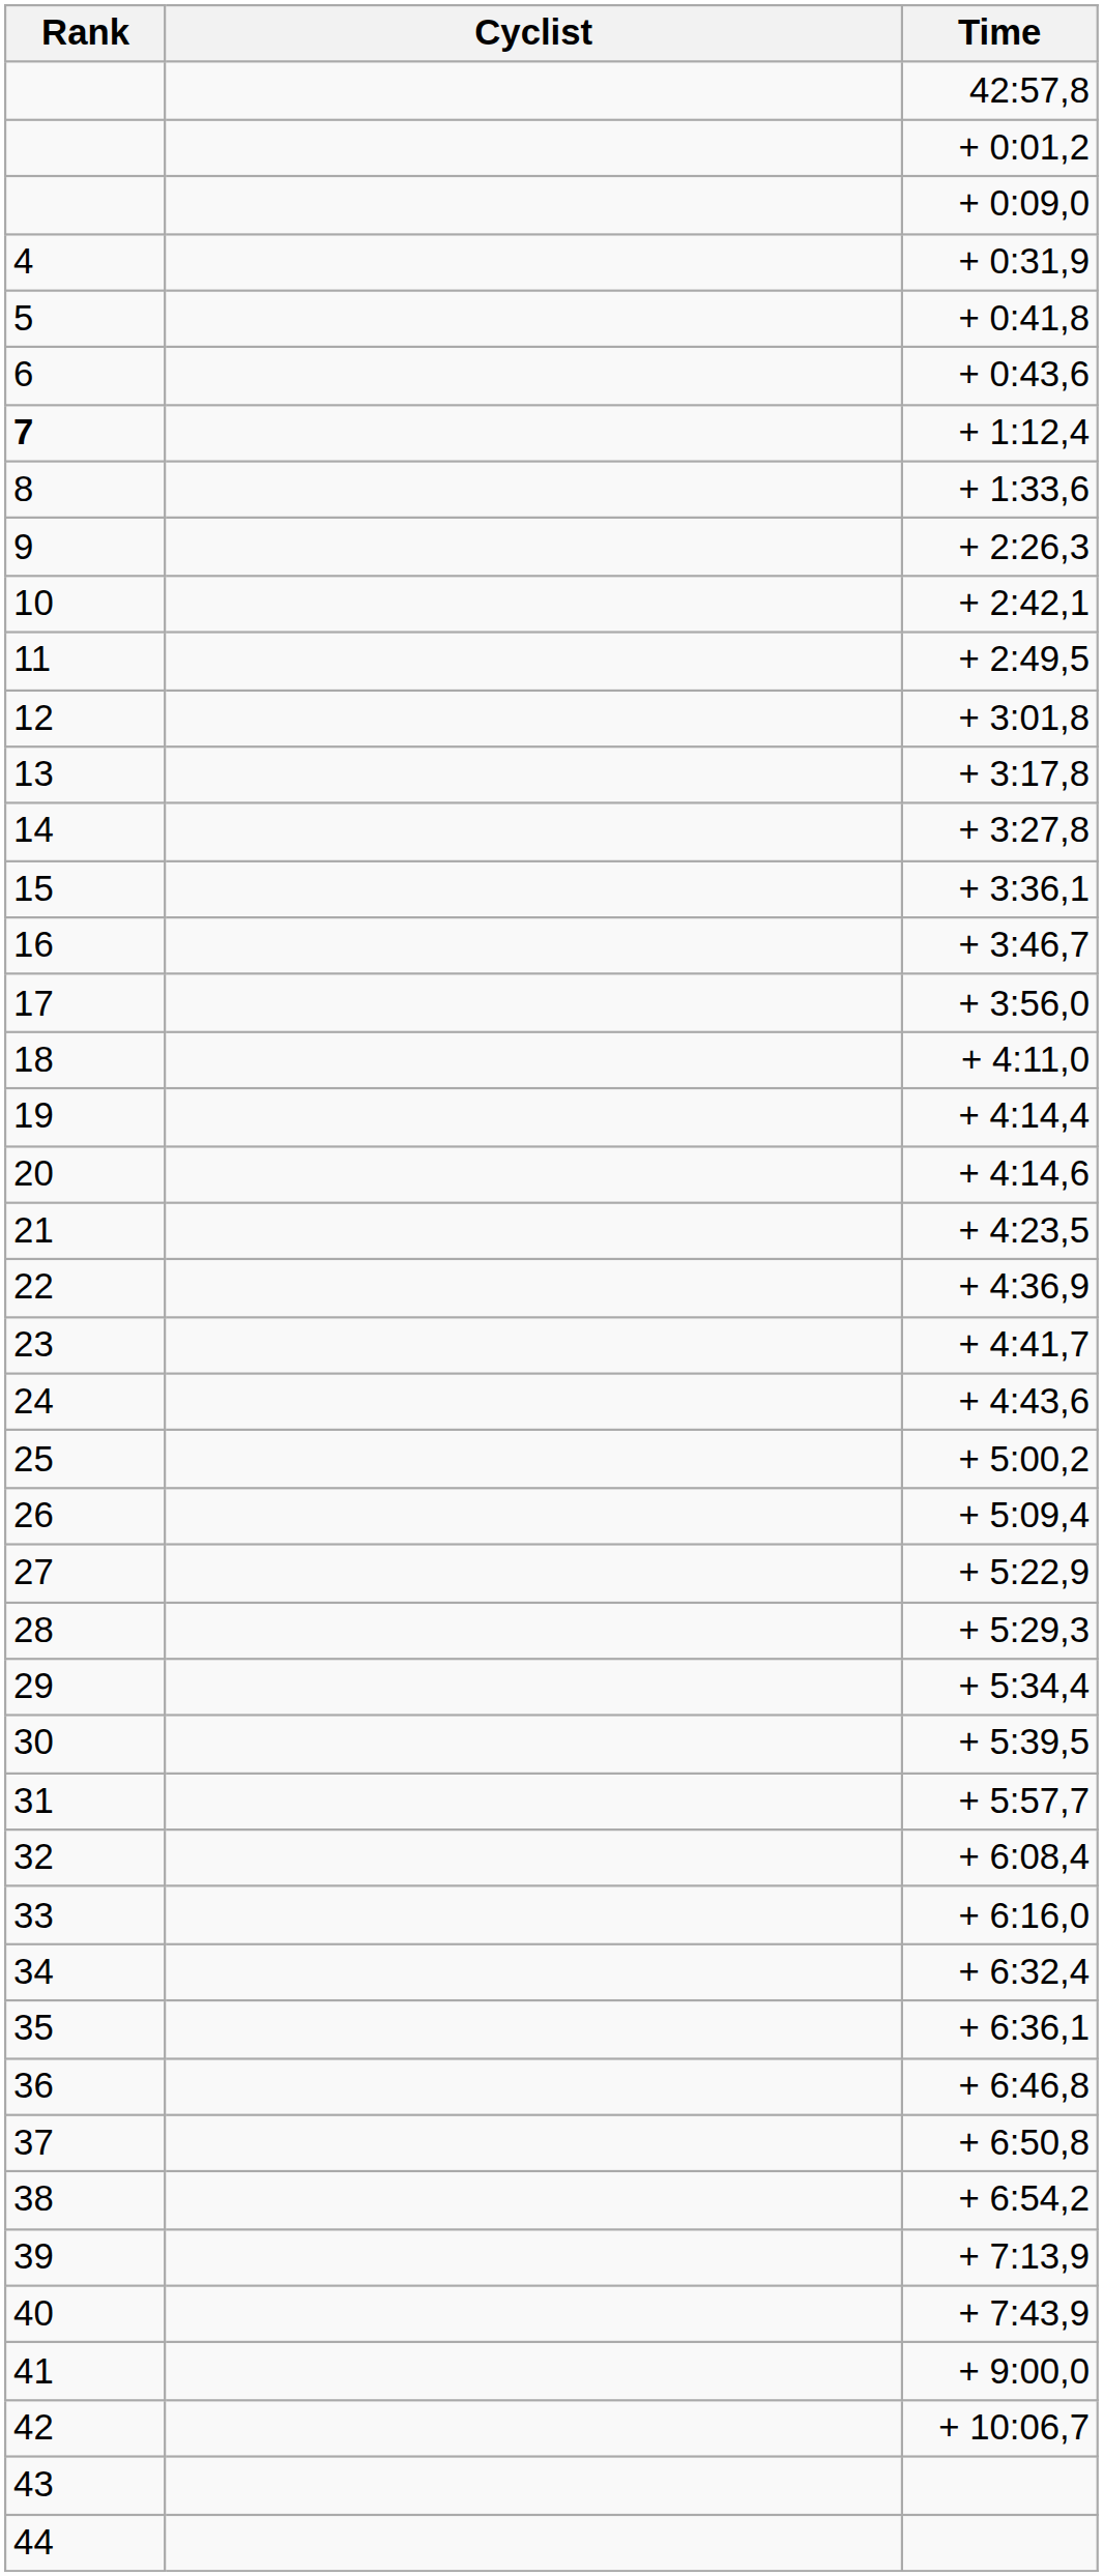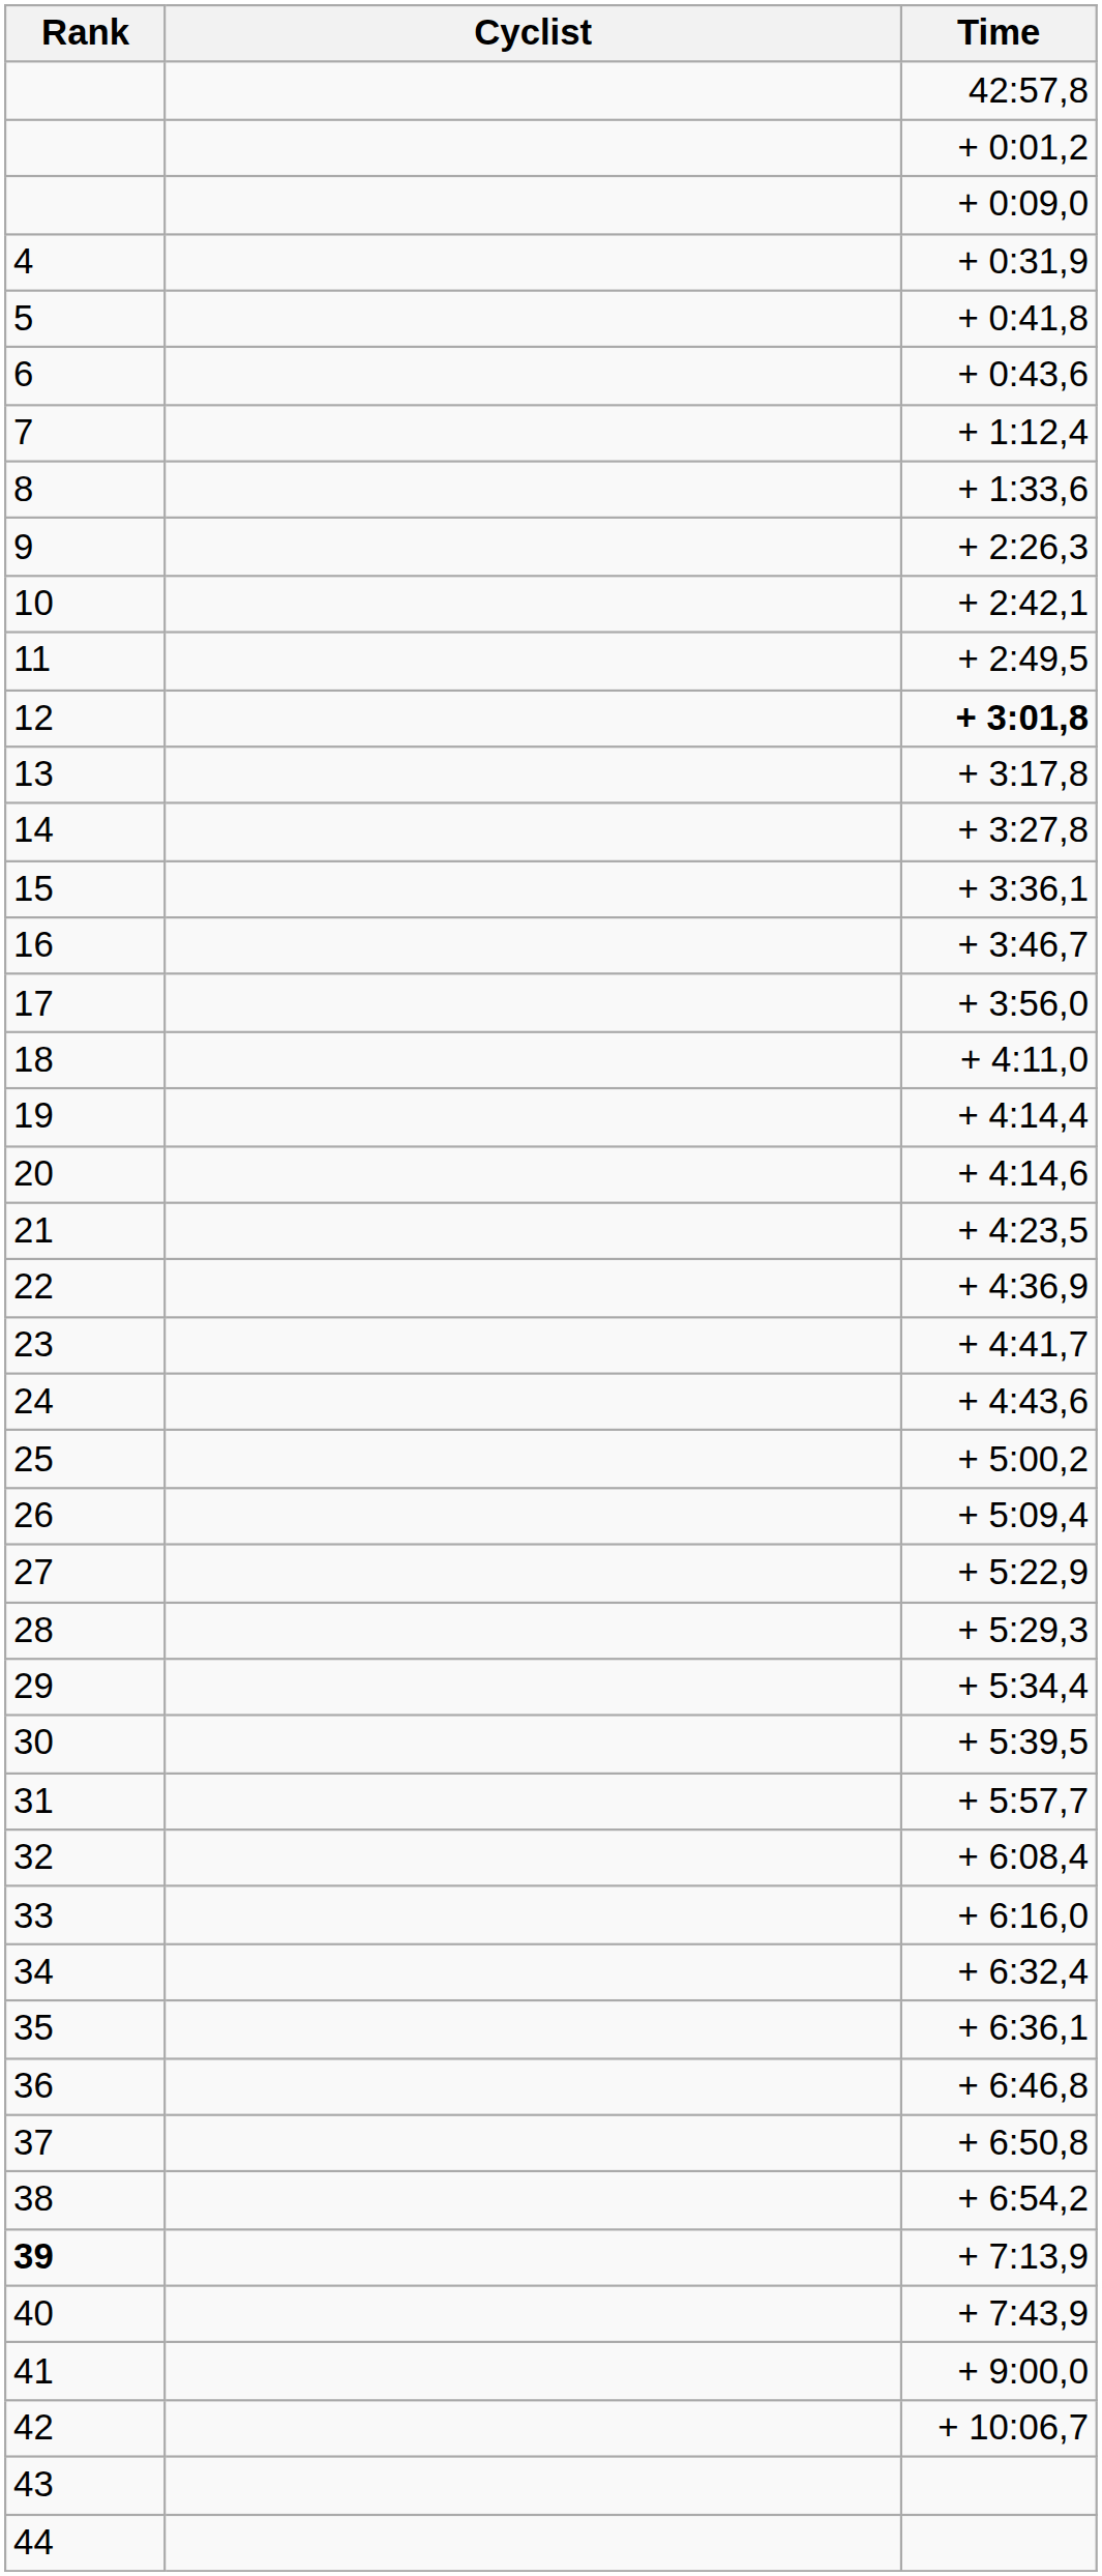 <table class="wikitable">
 <tr>
 <th style="width: 4em;">Rank</th>
 <th style="width: 20em;">Cyclist</th>
 <th style="width: 5em;">Time</th>
 </tr>
 <tr>
 <td></td>
 <td></td>
 <td align="right">42:57,8</td>
 </tr>
 <tr>
 <td></td>
 <td></td>
 <td align="right">+ 0:01,2</td>
 </tr>
 <tr>
 <td></td>
 <td></td>
 <td align="right">+ 0:09,0</td>
 </tr>
 <tr>
 <td>4</td>
 <td></td>
 <td align="right">+ 0:31,9</td>
 </tr>
 <tr>
 <td>5</td>
 <td></td>
 <td align="right">+ 0:41,8</td>
 </tr>
 <tr>
 <td>6</td>
 <td></td>
 <td align="right">+ 0:43,6</td>
 </tr>
 <tr>
-<td><strong>7</strong></td>
+<td>7</td>
 <td></td>
 <td align="right">+ 1:12,4</td>
 </tr>
 <tr>
 <td>8</td>
 <td></td>
 <td align="right">+ 1:33,6</td>
 </tr>
 <tr>
 <td>9</td>
 <td></td>
 <td align="right">+ 2:26,3</td>
 </tr>
 <tr>
 <td>10</td>
 <td></td>
 <td align="right">+ 2:42,1</td>
 </tr>
 <tr>
 <td>11</td>
 <td></td>
 <td align="right">+ 2:49,5</td>
 </tr>
 <tr>
 <td>12</td>
 <td></td>
-<td align="right">+ 3:01,8</td>
+<td align="right"><strong>+ 3:01,8</strong></td>
 </tr>
 <tr>
 <td>13</td>
 <td></td>
 <td align="right">+ 3:17,8</td>
 </tr>
 <tr>
 <td>14</td>
 <td></td>
 <td align="right">+ 3:27,8</td>
 </tr>
 <tr>
 <td>15</td>
 <td></td>
 <td align="right">+ 3:36,1</td>
 </tr>
 <tr>
 <td>16</td>
 <td></td>
 <td align="right">+ 3:46,7</td>
 </tr>
 <tr>
 <td>17</td>
 <td></td>
 <td align="right">+ 3:56,0</td>
 </tr>
 <tr>
 <td>18</td>
 <td></td>
 <td align="right">+ 4:11,0</td>
 </tr>
 <tr>
 <td>19</td>
 <td></td>
 <td align="right">+ 4:14,4</td>
 </tr>
 <tr>
 <td>20</td>
 <td></td>
 <td align="right">+ 4:14,6</td>
 </tr>
 <tr>
 <td>21</td>
 <td></td>
 <td align="right">+ 4:23,5</td>
 </tr>
 <tr>
 <td>22</td>
 <td></td>
 <td align="right">+ 4:36,9</td>
 </tr>
 <tr>
 <td>23</td>
 <td></td>
 <td align="right">+ 4:41,7</td>
 </tr>
 <tr>
 <td>24</td>
 <td></td>
 <td align="right">+ 4:43,6</td>
 </tr>
 <tr>
 <td>25</td>
 <td></td>
 <td align="right">+ 5:00,2</td>
 </tr>
 <tr>
 <td>26</td>
 <td></td>
 <td align="right">+ 5:09,4</td>
 </tr>
 <tr>
 <td>27</td>
 <td></td>
 <td align="right">+ 5:22,9</td>
 </tr>
 <tr>
 <td>28</td>
 <td></td>
 <td align="right">+ 5:29,3</td>
 </tr>
 <tr>
 <td>29</td>
 <td></td>
 <td align="right">+ 5:34,4</td>
 </tr>
 <tr>
 <td>30</td>
 <td></td>
 <td align="right">+ 5:39,5</td>
 </tr>
 <tr>
 <td>31</td>
 <td></td>
 <td align="right">+ 5:57,7</td>
 </tr>
 <tr>
 <td>32</td>
 <td></td>
 <td align="right">+ 6:08,4</td>
 </tr>
 <tr>
 <td>33</td>
 <td></td>
 <td align="right">+ 6:16,0</td>
 </tr>
 <tr>
 <td>34</td>
 <td></td>
 <td align="right">+ 6:32,4</td>
 </tr>
 <tr>
 <td>35</td>
 <td></td>
 <td align="right">+ 6:36,1</td>
 </tr>
 <tr>
 <td>36</td>
 <td></td>
 <td align="right">+ 6:46,8</td>
 </tr>
 <tr>
 <td>37</td>
 <td></td>
 <td align="right">+ 6:50,8</td>
 </tr>
 <tr>
 <td>38</td>
 <td></td>
 <td align="right">+ 6:54,2</td>
 </tr>
 <tr>
-<td>39</td>
+<td><strong>39</strong></td>
 <td></td>
 <td align="right">+ 7:13,9</td>
 </tr>
 <tr>
 <td>40</td>
 <td></td>
 <td align="right">+ 7:43,9</td>
 </tr>
 <tr>
 <td>41</td>
 <td></td>
 <td align="right">+ 9:00,0</td>
 </tr>
 <tr>
 <td>42</td>
 <td></td>
 <td align="right">+ 10:06,7</td>
 </tr>
 <tr>
 <td>43</td>
 <td></td>
 <td align="right"></td>
 </tr>
 <tr>
 <td>44</td>
 <td></td>
 <td align="right"></td>
 </tr>
 </table>
